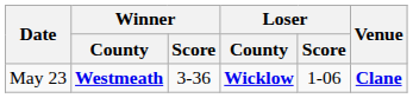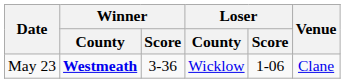 <table class="wikitable">
 <tr>
 <th rowspan="2">Date</th>
 <th colspan="2">Winner</th>
 <th colspan="2">Loser</th>
 <th rowspan="2">Venue</th>
 </tr>
 <tr>
 <th>County</th>
 <th>Score</th>
 <th>County</th>
 <th>Score</th>
 </tr>
 <tr align="center">
 <td>May 23</td>
 <td><strong><a href='#'>Westmeath</a></strong></td>
 <td>3-36</td>
-<td><strong><a href='#'>Wicklow</a></strong></td>
+<td><a href='#'>Wicklow</a></td>
 <td>1-06</td>
-<td><strong><a href='#'>Clane</a></strong></td>
+<td><a href='#'>Clane</a></td>
 </tr>
 </table>
